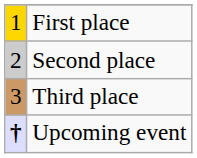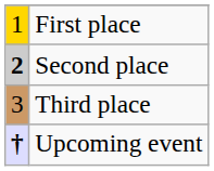 <table class="wikitable">
 <tr>
 </tr>
 <tr>
 <td style="text-align:center; background-color:#FFD700;">1</td>
 <td>First place</td>
 </tr>
 <tr>
-<td style="text-align:center; background-color:#CCC;">2</td>
+<td style="text-align:center; background-color:#CCC;"><strong>2</strong></td>
 <td>Second place</td>
 </tr>
 <tr>
 <td style="text-align:center; background-color:#C96;">3</td>
 <td>Third place</td>
 </tr>
 <tr>
 <td style="text-align:center; background-color:#DDF;"><strong>†</strong></td>
 <td>Upcoming event</td>
 </tr>
 </table>
